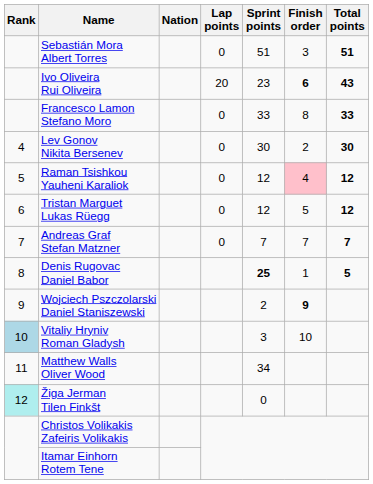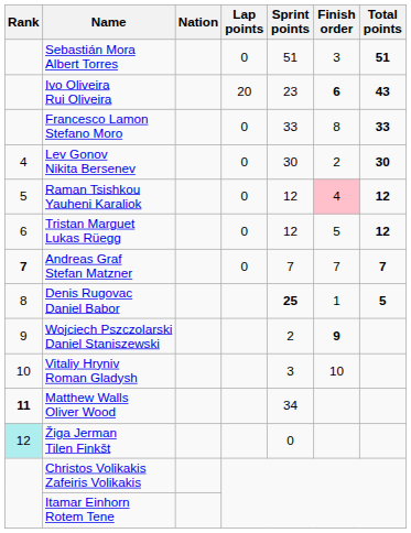 <table class="wikitable sortable" style="text-align:center">
 <tr>
 <th>Rank</th>
 <th>Name</th>
 <th>Nation</th>
 <th width=50>Lap points</th>
 <th width=50>Sprint points</th>
 <th width=50>Finish order</th>
 <th width=50>Total points</th>
 </tr>
 <tr>
 <td></td>
 <td align=left><a href='#'>Sebastián Mora</a><br><a href='#'>Albert Torres</a></td>
 <td align=left></td>
 <td>0</td>
 <td>51</td>
 <td>3</td>
 <td><strong>51</strong></td>
 </tr>
 <tr>
 <td></td>
 <td align=left><a href='#'>Ivo Oliveira</a><br><a href='#'>Rui Oliveira</a></td>
 <td align=left></td>
 <td>20</td>
 <td>23</td>
 <td><strong>6</strong></td>
 <td><strong>43</strong></td>
 </tr>
 <tr>
 <td></td>
 <td align=left><a href='#'>Francesco Lamon</a><br><a href='#'>Stefano Moro</a></td>
 <td align=left></td>
 <td>0</td>
 <td>33</td>
 <td>8</td>
 <td><strong>33</strong></td>
 </tr>
 <tr>
 <td>4</td>
 <td align=left><a href='#'>Lev Gonov</a><br><a href='#'>Nikita Bersenev</a></td>
 <td align=left></td>
 <td>0</td>
 <td>30</td>
 <td>2</td>
 <td><strong>30</strong></td>
 </tr>
 <tr>
 <td>5</td>
 <td align=left><a href='#'>Raman Tsishkou</a><br><a href='#'>Yauheni Karaliok</a></td>
 <td align=left></td>
 <td>0</td>
 <td>12</td>
 <td style="background: pink;">4</td>
 <td><strong>12</strong></td>
 </tr>
 <tr>
 <td>6</td>
 <td align=left><a href='#'>Tristan Marguet</a><br><a href='#'>Lukas Rüegg</a></td>
 <td align=left></td>
 <td>0</td>
 <td>12</td>
 <td>5</td>
 <td><strong>12</strong></td>
 </tr>
 <tr>
-<td>7</td>
+<td><strong>7</strong></td>
 <td align=left><a href='#'>Andreas Graf</a><br><a href='#'>Stefan Matzner</a></td>
 <td align=left></td>
 <td>0</td>
 <td>7</td>
 <td>7</td>
 <td><strong>7</strong></td>
 </tr>
 <tr>
 <td>8</td>
 <td align=left><a href='#'>Denis Rugovac</a><br><a href='#'>Daniel Babor</a></td>
 <td align=left></td>
 <td></td>
 <td><strong>25</strong></td>
 <td>1</td>
 <td><strong>5</strong></td>
 </tr>
 <tr>
 <td>9</td>
 <td align=left><a href='#'>Wojciech Pszczolarski</a><br><a href='#'>Daniel Staniszewski</a></td>
 <td align=left></td>
 <td></td>
 <td>2</td>
 <td><strong>9</strong></td>
 <td><strong></strong></td>
 </tr>
 <tr>
-<td style="background: lightblue;">10</td>
+<td>10</td>
 <td align=left><a href='#'>Vitaliy Hryniv</a><br><a href='#'>Roman Gladysh</a></td>
 <td align=left></td>
 <td></td>
 <td>3</td>
 <td>10</td>
 <td><strong></strong></td>
 </tr>
 <tr>
-<td>11</td>
+<td><strong>11</strong></td>
 <td align=left><a href='#'>Matthew Walls</a><br><a href='#'>Oliver Wood</a></td>
 <td align=left></td>
 <td></td>
 <td>34</td>
 <td></td>
 <td><strong></strong></td>
 </tr>
 <tr>
 <td style="background: paleturquoise;">12</td>
 <td align=left><a href='#'>Žiga Jerman</a><br><a href='#'>Tilen Finkšt</a></td>
 <td align=left></td>
 <td></td>
 <td>0</td>
 <td></td>
 <td><strong></strong></td>
 </tr>
 <tr>
 <td rowspan=2></td>
 <td align=left><a href='#'>Christos Volikakis</a><br><a href='#'>Zafeiris Volikakis</a></td>
 <td align=left></td>
 <td colspan=4 rowspan=2></td>
 </tr>
 <tr>
 <td align=left><a href='#'>Itamar Einhorn</a><br><a href='#'>Rotem Tene</a></td>
 <td align=left></td>
 </tr>
 </table>
